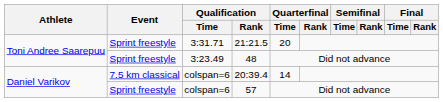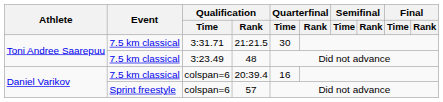 <table class="wikitable" style="font-size:90%">
 <tr>
 <th rowspan="2">Athlete</th>
 <th rowspan="2">Event</th>
 <th colspan="2">Qualification</th>
 <th colspan="2">Quarterfinal</th>
 <th colspan="2">Semifinal</th>
 <th colspan="2">Final</th>
 </tr>
 <tr style="font-size:95%">
 <th>Time</th>
 <th>Rank</th>
 <th>Time</th>
 <th>Rank</th>
 <th>Time</th>
 <th>Rank</th>
 <th>Time</th>
 <th>Rank</th>
 </tr>
 <tr align=center>
 <td align=left rowspan=2><a href='#'>Toni Andree Saarepuu</a></td>
-<td align=left><a href='#'>Sprint freestyle</a></td>
+<td align=left><a href='#'>7.5 km classical</a></td>
 <td>3:31.71</td>
 <td>21:21.5</td>
-<td>20</td>
+<td>30</td>
 </tr>
 <tr align=center>
-<td align=left><a href='#'>Sprint freestyle</a></td>
+<td align=left><a href='#'>7.5 km classical</a></td>
 <td>3:23.49</td>
 <td>48</td>
 <td colspan=6>Did not advance</td>
 </tr>
 <tr align=center>
 <td align=left rowspan=2><a href='#'>Daniel Varikov</a></td>
 <td align=left><a href='#'>7.5 km classical</a></td>
 <td>colspan=6</td>
 <td>20:39.4</td>
-<td>14</td>
+<td>16</td>
 </tr>
 <tr align=center>
 <td align=left><a href='#'>Sprint freestyle</a></td>
 <td>colspan=6</td>
 <td>57</td>
 <td colspan=6>Did not advance</td>
 </tr>
 </table>
